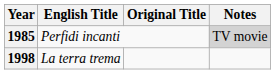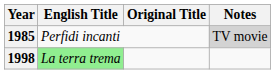 <table class="wikitable">
 <tr>
 <th>Year</th>
 <th>English Title</th>
 <th>Original Title</th>
 <th>Notes</th>
 </tr>
 <tr>
 <th>1985</th>
 <td colspan="2"><em>Perfidi incanti</em></td>
 <td style="background: lightgrey;">TV movie</td>
 </tr>
 <tr>
 <th>1998</th>
-<td><em>La terra trema</em></td>
+<td style="background: lightgreen;"><em>La terra trema</em></td>
 <td></td>
 <td></td>
 </tr>
 </table>
